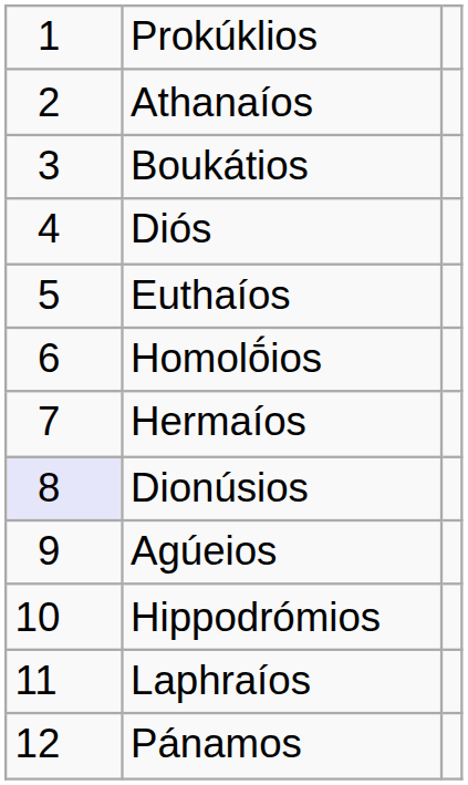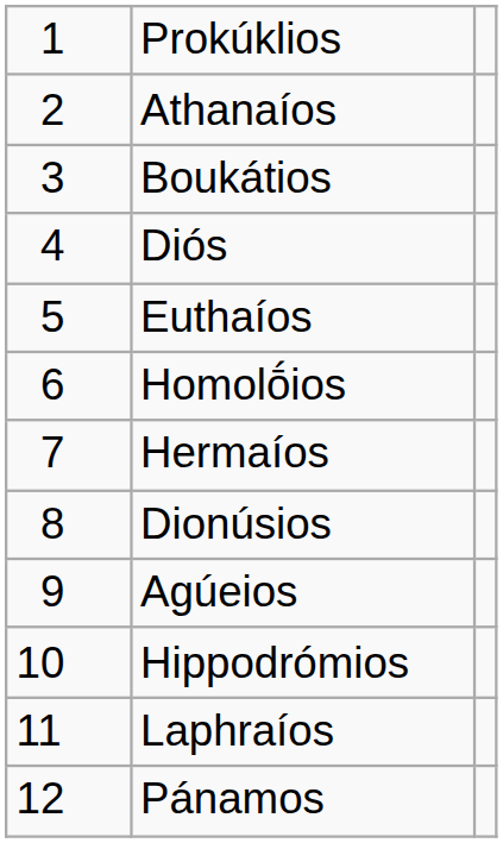 <table class="wikitable">
 <tr>
 <td>  1  </td>
 <td>Prokúklios</td>
 <td></td>
 </tr>
 <tr>
 <td>  2</td>
 <td>Athanaíos</td>
 <td></td>
 </tr>
 <tr>
 <td>  3</td>
 <td>Boukátios</td>
 <td></td>
 </tr>
 <tr>
 <td>  4</td>
 <td>Diós</td>
 <td></td>
 </tr>
 <tr>
 <td>  5</td>
 <td>Euthaíos</td>
 <td></td>
 </tr>
 <tr>
 <td>  6</td>
 <td>Homolṓios</td>
 <td></td>
 </tr>
 <tr>
 <td>  7</td>
 <td>Hermaíos</td>
 <td></td>
 </tr>
 <tr>
-<td style="background: lavender;">  8</td>
+<td>  8</td>
 <td>Dionúsios</td>
 <td></td>
 </tr>
 <tr>
 <td>  9</td>
 <td>Agúeios</td>
 <td></td>
 </tr>
 <tr>
 <td>10</td>
 <td>Hippodrómios  </td>
 <td></td>
 </tr>
 <tr>
 <td>11</td>
 <td>Laphraíos</td>
 <td></td>
 </tr>
 <tr>
 <td>12</td>
 <td>Pánamos</td>
 <td></td>
 </tr>
 </table>
